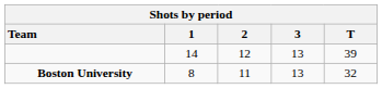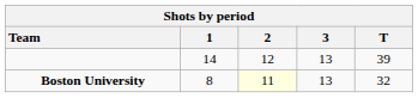 <table class="wikitable" style="width:30em; text-align:right;">
 <tr>
 <th colspan=5>Shots by period</th>
 </tr>
 <tr>
 <th style="width:10em; text-align:left;">Team</th>
 <th style="width:3em;">1</th>
 <th style="width:3em;">2</th>
 <th style="width:3em;">3</th>
 <th style="width:3em;">T</th>
 </tr>
 <tr>
 <td style="text-align:center; "><strong></strong></td>
 <td align=center>14</td>
 <td align=center>12</td>
 <td align=center>13</td>
 <td align=center>39</td>
 </tr>
 <tr>
 <td align=center><strong>Boston University</strong></td>
 <td align=center>8</td>
-<td align=center>11</td>
+<td align=center style="background: lightyellow;">11</td>
 <td align=center>13</td>
 <td align=center>32</td>
 </tr>
 </table>
